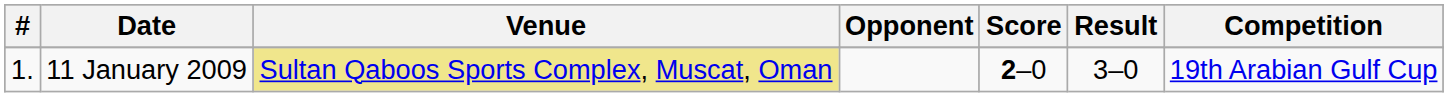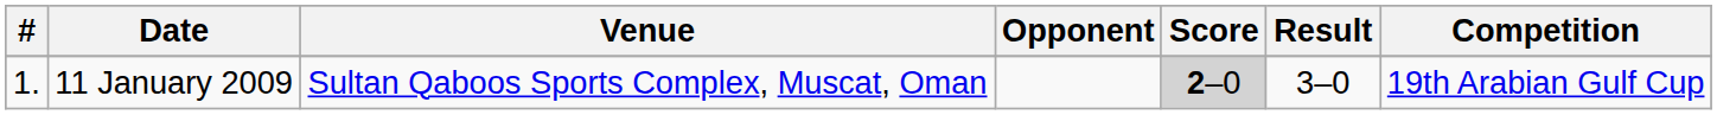 <table class="wikitable">
 <tr>
 <th>#</th>
 <th>Date</th>
 <th>Venue</th>
 <th>Opponent</th>
 <th>Score</th>
 <th>Result</th>
 <th>Competition</th>
 </tr>
 <tr>
 </tr>
 <tr>
 <td>1.</td>
 <td>11 January 2009</td>
-<td style="background: khaki;"><a href='#'>Sultan Qaboos Sports Complex</a>, <a href='#'>Muscat</a>, <a href='#'>Oman</a></td>
+<td><a href='#'>Sultan Qaboos Sports Complex</a>, <a href='#'>Muscat</a>, <a href='#'>Oman</a></td>
 <td></td>
-<td align=center><strong>2</strong>–0</td>
+<td align=center style="background: lightgrey;"><strong>2</strong>–0</td>
 <td align=center>3–0</td>
 <td><a href='#'>19th Arabian Gulf Cup</a></td>
 </tr>
 </table>
